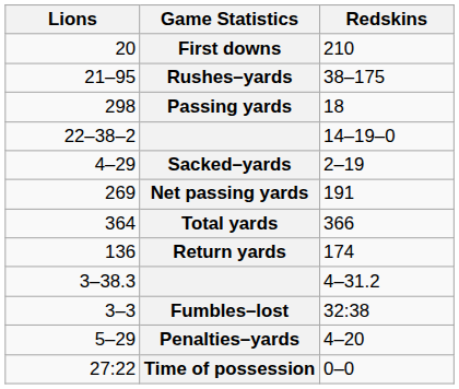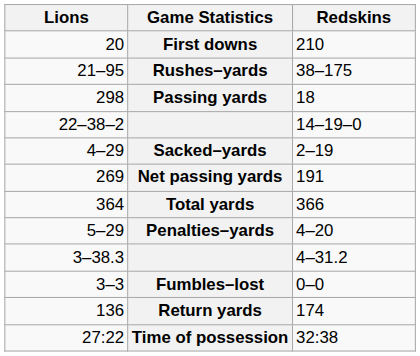 <table class="wikitable" style="margin: 1em auto 1em auto">
 <tr>
 <th style="width:30%;">Lions</th>
 <th style="width:40%;">Game Statistics</th>
 <th style="width:30%;">Redskins</th>
 </tr>
 <tr>
 <td style="text-align:right;">20</td>
 <th>First downs</th>
 <td>210</td>
 </tr>
 <tr>
 <td style="text-align:right;">21–95</td>
 <th>Rushes–yards</th>
 <td>38–175</td>
 </tr>
 <tr>
 <td style="text-align:right;">298</td>
 <th>Passing yards</th>
 <td>18</td>
 </tr>
 <tr>
 <td style="text-align:right;">22–38–2</td>
 <th></th>
 <td>14–19–0</td>
 </tr>
 <tr>
 <td style="text-align:right;">4–29</td>
 <th>Sacked–yards</th>
 <td>2–19</td>
 </tr>
 <tr>
 <td style="text-align:right;">269</td>
 <th>Net passing yards</th>
 <td>191</td>
 </tr>
 <tr>
 <td style="text-align:right;">364</td>
 <th>Total yards</th>
 <td>366</td>
 </tr>
 <tr>
-<td style="text-align:right;">136</td>
-<th>Return yards</th>
-<td>174</td>
+<td style="text-align:right;">5–29</td>
+<th>Penalties–yards</th>
+<td>4–20</td>
 </tr>
 <tr>
 <td style="text-align:right;">3–38.3</td>
 <th></th>
 <td>4–31.2</td>
 </tr>
 <tr>
 <td style="text-align:right;">3–3</td>
 <th>Fumbles–lost</th>
-<td>32:38</td>
+<td>0–0</td>
 </tr>
 <tr>
-<td style="text-align:right;">5–29</td>
-<th>Penalties–yards</th>
-<td>4–20</td>
+<td style="text-align:right;">136</td>
+<th>Return yards</th>
+<td>174</td>
 </tr>
 <tr>
 <td style="text-align:right;">27:22</td>
 <th>Time of possession</th>
-<td>0–0</td>
+<td>32:38</td>
 </tr>
 </table>
